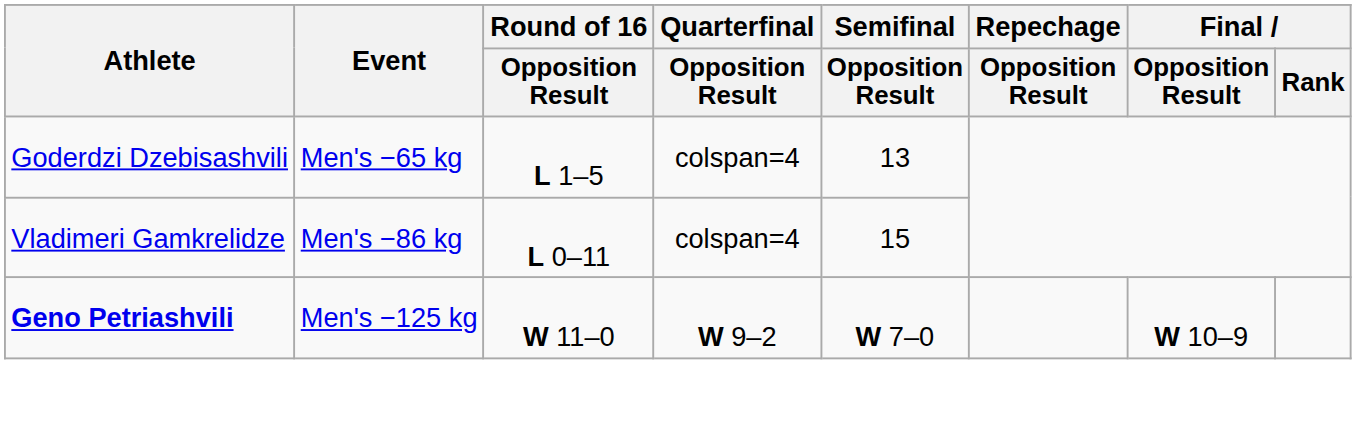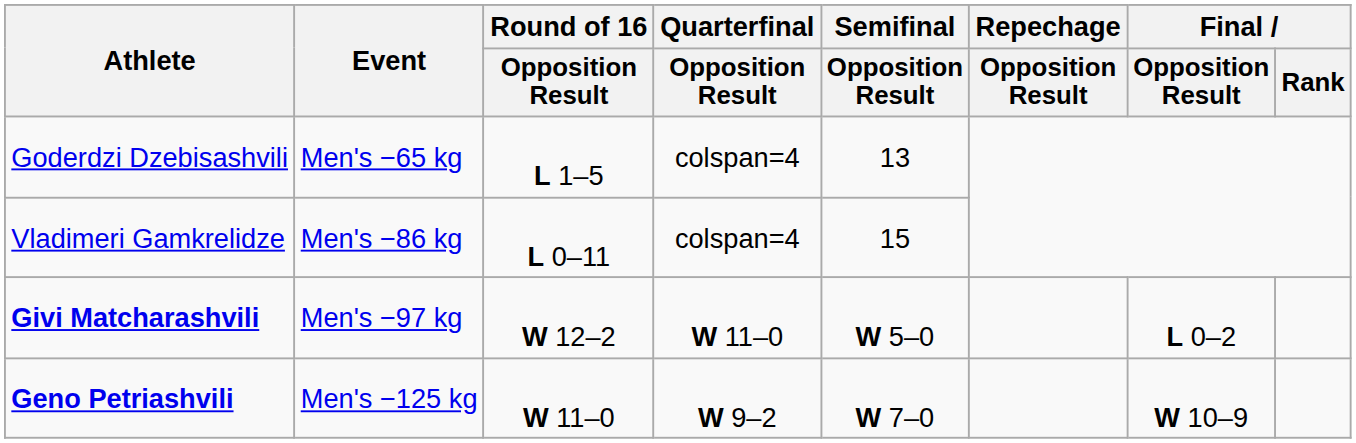 <table class="wikitable" style="font-size:90%">
 <tr>
 <th rowspan=2>Athlete</th>
 <th rowspan=2>Event</th>
 <th>Round of 16</th>
 <th>Quarterfinal</th>
 <th>Semifinal</th>
 <th>Repechage</th>
 <th colspan=2>Final / </th>
 </tr>
 <tr style="font-size: 95%">
 <th>Opposition<br>Result</th>
 <th>Opposition<br>Result</th>
 <th>Opposition<br>Result</th>
 <th>Opposition<br>Result</th>
 <th>Opposition<br>Result</th>
 <th>Rank</th>
 </tr>
 <tr align=center>
 <td align=left><a href='#'>Goderdzi Dzebisashvili</a></td>
 <td align=left><a href='#'>Men's −65 kg</a></td>
 <td><br><strong>L</strong> 1–5 <sup></sup></td>
 <td>colspan=4</td>
 <td>13</td>
 </tr>
 <tr align=center>
 <td align=left><a href='#'>Vladimeri Gamkrelidze</a></td>
 <td align=left><a href='#'>Men's −86 kg</a></td>
 <td><br><strong>L</strong> 0–11 <sup></sup></td>
 <td>colspan=4</td>
 <td>15</td>
 </tr>
 <tr align=center>
+<td align=left><strong><a href='#'>Givi Matcharashvili</a></strong></td>
+<td align=left><a href='#'>Men's −97 kg</a></td>
+<td><br><strong>W</strong> 12–2 <sup></sup></td>
+<td><br><strong>W</strong> 11–0 <sup></sup></td>
+<td><br><strong>W</strong> 5–0 <sup></sup></td>
+<td></td>
+<td><br><strong>L</strong> 0–2 <sup></sup></td>
+<td></td>
+</tr>
+<tr align=center>
 <td align=left><strong><a href='#'>Geno Petriashvili</a></strong></td>
 <td align=left><a href='#'>Men's −125 kg</a></td>
 <td><br><strong>W</strong> 11–0 <sup></sup></td>
 <td><br><strong>W</strong> 9–2 <sup></sup></td>
 <td><br><strong>W</strong> 7–0 <sup></sup></td>
 <td></td>
 <td><br><strong>W</strong> 10–9 <sup></sup></td>
 <td></td>
 </tr>
 </table>
